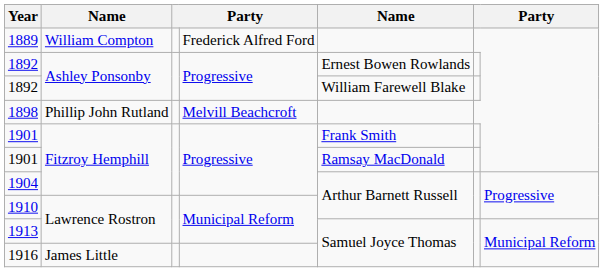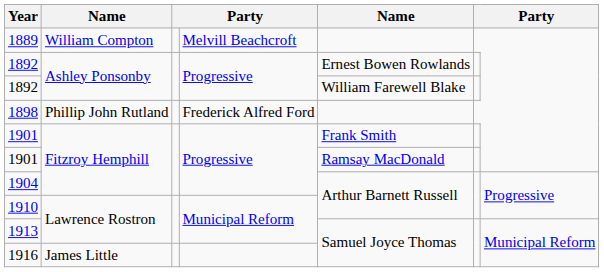 <table class="wikitable">
 <tr>
 <th>Year</th>
 <th>Name</th>
 <th colspan=2>Party</th>
 <th>Name</th>
 <th colspan=2>Party</th>
 </tr>
 <tr>
 <td><a href='#'>1889</a></td>
 <td><a href='#'>William Compton</a></td>
 <td></td>
-<td>Frederick Alfred Ford</td>
+<td><a href='#'>Melvill Beachcroft</a></td>
 <td></td>
 </tr>
 <tr>
 <td><a href='#'>1892</a></td>
 <td rowspan=2><a href='#'>Ashley Ponsonby</a></td>
 <td rowspan=2 style="background-color: "></td>
 <td rowspan=2><a href='#'>Progressive</a></td>
 <td>Ernest Bowen Rowlands</td>
 <td></td>
 </tr>
 <tr>
 <td>1892</td>
 <td>William Farewell Blake</td>
 <td></td>
 </tr>
 <tr>
 <td><a href='#'>1898</a></td>
 <td>Phillip John Rutland</td>
 <td></td>
-<td><a href='#'>Melvill Beachcroft</a></td>
+<td>Frederick Alfred Ford</td>
 <td></td>
 </tr>
 <tr>
 <td><a href='#'>1901</a></td>
 <td rowspan=3><a href='#'>Fitzroy Hemphill</a></td>
 <td rowspan=3 style="background-color: "></td>
 <td rowspan=3><a href='#'>Progressive</a></td>
 <td><a href='#'>Frank Smith</a></td>
 <td></td>
 </tr>
 <tr>
 <td>1901</td>
 <td><a href='#'>Ramsay MacDonald</a></td>
 <td></td>
 </tr>
 <tr>
 <td><a href='#'>1904</a></td>
 <td rowspan=2>Arthur Barnett Russell</td>
 <td rowspan=2 style="background-color: "></td>
 <td rowspan=2><a href='#'>Progressive</a></td>
 </tr>
 <tr>
 <td><a href='#'>1910</a></td>
 <td rowspan=2>Lawrence Rostron</td>
 <td rowspan=2 style="background-color: "></td>
 <td rowspan=2><a href='#'>Municipal Reform</a></td>
 </tr>
 <tr>
 <td><a href='#'>1913</a></td>
 <td rowspan=2>Samuel Joyce Thomas</td>
 <td rowspan=2 style="background-color: "></td>
 <td rowspan=2><a href='#'>Municipal Reform</a></td>
 </tr>
 <tr>
 <td>1916</td>
 <td>James Little</td>
 <td></td>
 </tr>
 </table>
